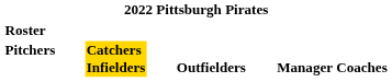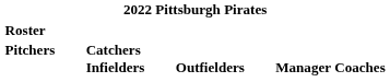 <table class="toccolours" style="font-size: 95%;">
 <tr>
 <th colspan="10"><strong>2022 Pittsburgh Pirates</strong></th>
 </tr>
 <tr>
 <td colspan="10"><strong>Roster</strong></td>
 </tr>
 <tr>
 <td valign="top"><strong>Pitchers</strong><br>                                 </td>
 <td style="width:25px;"></td>
-<td valign="top" style="background: gold;"><strong>Catchers</strong><br>      <strong>Infielders</strong>              </td>
+<td valign="top"><strong>Catchers</strong><br>      <strong>Infielders</strong>              </td>
 <td style="width:25px;"></td>
 <td valign="top"><br><strong>Outfielders</strong>              </td>
 <td style="width:25px;"></td>
 <td valign="top"><br><strong>Manager</strong>  <strong>Coaches</strong>                   </td>
 </tr>
 </table>
